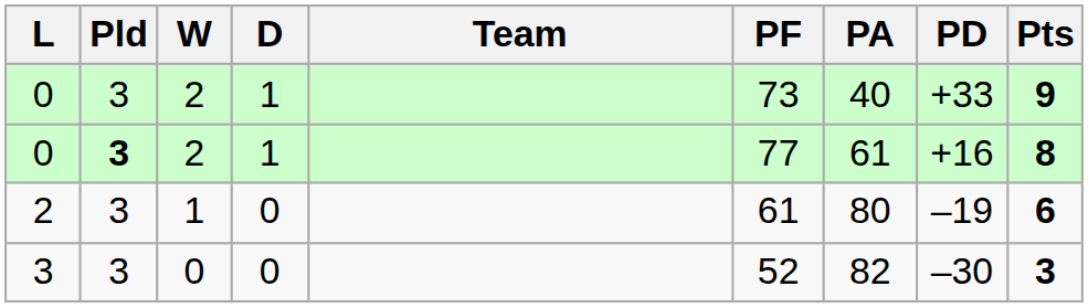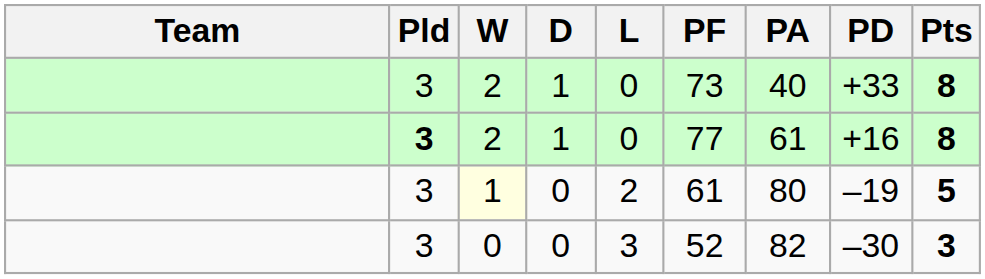 <table class="wikitable" style="text-align:center;">
 <tr>
-<th width=25 abbr="Lost">L</th>
+<th width=175>Team</th>
 <th width=25 abbr="Played">Pld</th>
 <th width=25 abbr="Won">W</th>
 <th width=25 abbr="Drawn">D</th>
-<th width=175>Team</th>
+<th width=25 abbr="Lost">L</th>
 <th width=32 abbr="Points for">PF</th>
 <th width=32 abbr="Points against">PA</th>
 <th width=32 abbr="Points difference">PD</th>
 <th width=25 abbr="Points">Pts</th>
 </tr>
 <tr bgcolor=ccffcc>
-<td>0</td>
+<td align=left></td>
 <td>3</td>
 <td>2</td>
 <td>1</td>
-<td align=left></td>
+<td>0</td>
 <td>73</td>
 <td>40</td>
 <td>+33</td>
-<td><strong>9</strong></td>
+<td><strong>8</strong></td>
 </tr>
 <tr bgcolor=ccffcc>
-<td>0</td>
+<td align=left></td>
 <td><strong>3</strong></td>
 <td>2</td>
 <td>1</td>
-<td align=left></td>
+<td>0</td>
 <td>77</td>
 <td>61</td>
 <td>+16</td>
 <td><strong>8</strong></td>
 </tr>
 <tr>
+<td align=left></td>
+<td>3</td>
+<td style="background: lightyellow;">1</td>
+<td>0</td>
 <td>2</td>
-<td>3</td>
-<td>1</td>
-<td>0</td>
-<td align=left></td>
 <td>61</td>
 <td>80</td>
 <td>–19</td>
-<td><strong>6</strong></td>
+<td><strong>5</strong></td>
 </tr>
 <tr>
-<td>3</td>
+<td align=left></td>
 <td>3</td>
 <td>0</td>
 <td>0</td>
-<td align=left></td>
+<td>3</td>
 <td>52</td>
 <td>82</td>
 <td>–30</td>
 <td><strong>3</strong></td>
 </tr>
 </table>
